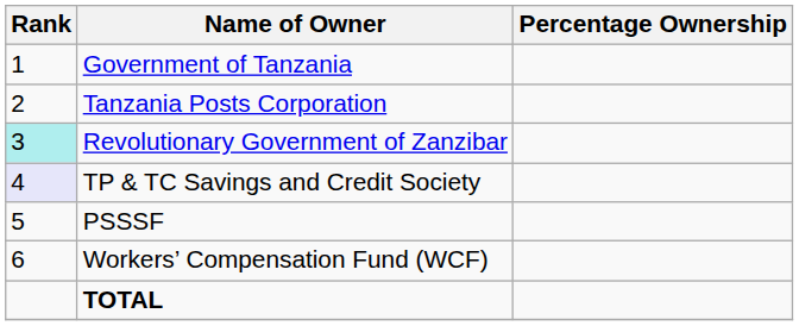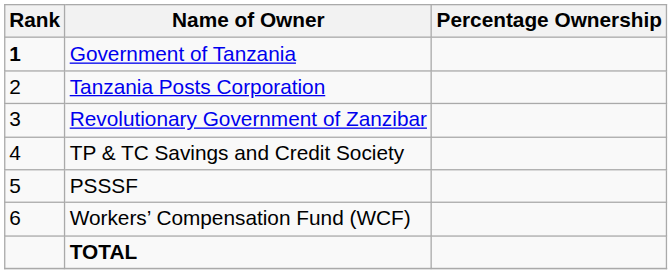 <table class="wikitable sortable" style="margin-left:auto;margin-right:auto">
 <tr>
 <th style="width:2em;">Rank</th>
 <th>Name of Owner</th>
 <th>Percentage Ownership</th>
 </tr>
 <tr>
-<td>1</td>
+<td><strong>1</strong></td>
 <td><a href='#'>Government of Tanzania</a></td>
 <td></td>
 </tr>
 <tr>
 <td>2</td>
 <td><a href='#'>Tanzania Posts Corporation</a></td>
 <td></td>
 </tr>
 <tr>
-<td style="background: paleturquoise;">3</td>
+<td>3</td>
 <td><a href='#'>Revolutionary Government of Zanzibar</a></td>
 <td></td>
 </tr>
 <tr>
-<td style="background: lavender;">4</td>
+<td>4</td>
 <td>TP & TC Savings and Credit Society</td>
 <td></td>
 </tr>
 <tr>
 <td>5</td>
 <td>PSSSF</td>
 <td></td>
 </tr>
 <tr>
 <td>6</td>
 <td>Workers’ Compensation Fund (WCF)</td>
 <td></td>
 </tr>
 <tr>
 <td></td>
 <td><strong>TOTAL</strong></td>
 <td></td>
 </tr>
 <tr>
 </tr>
 </table>
